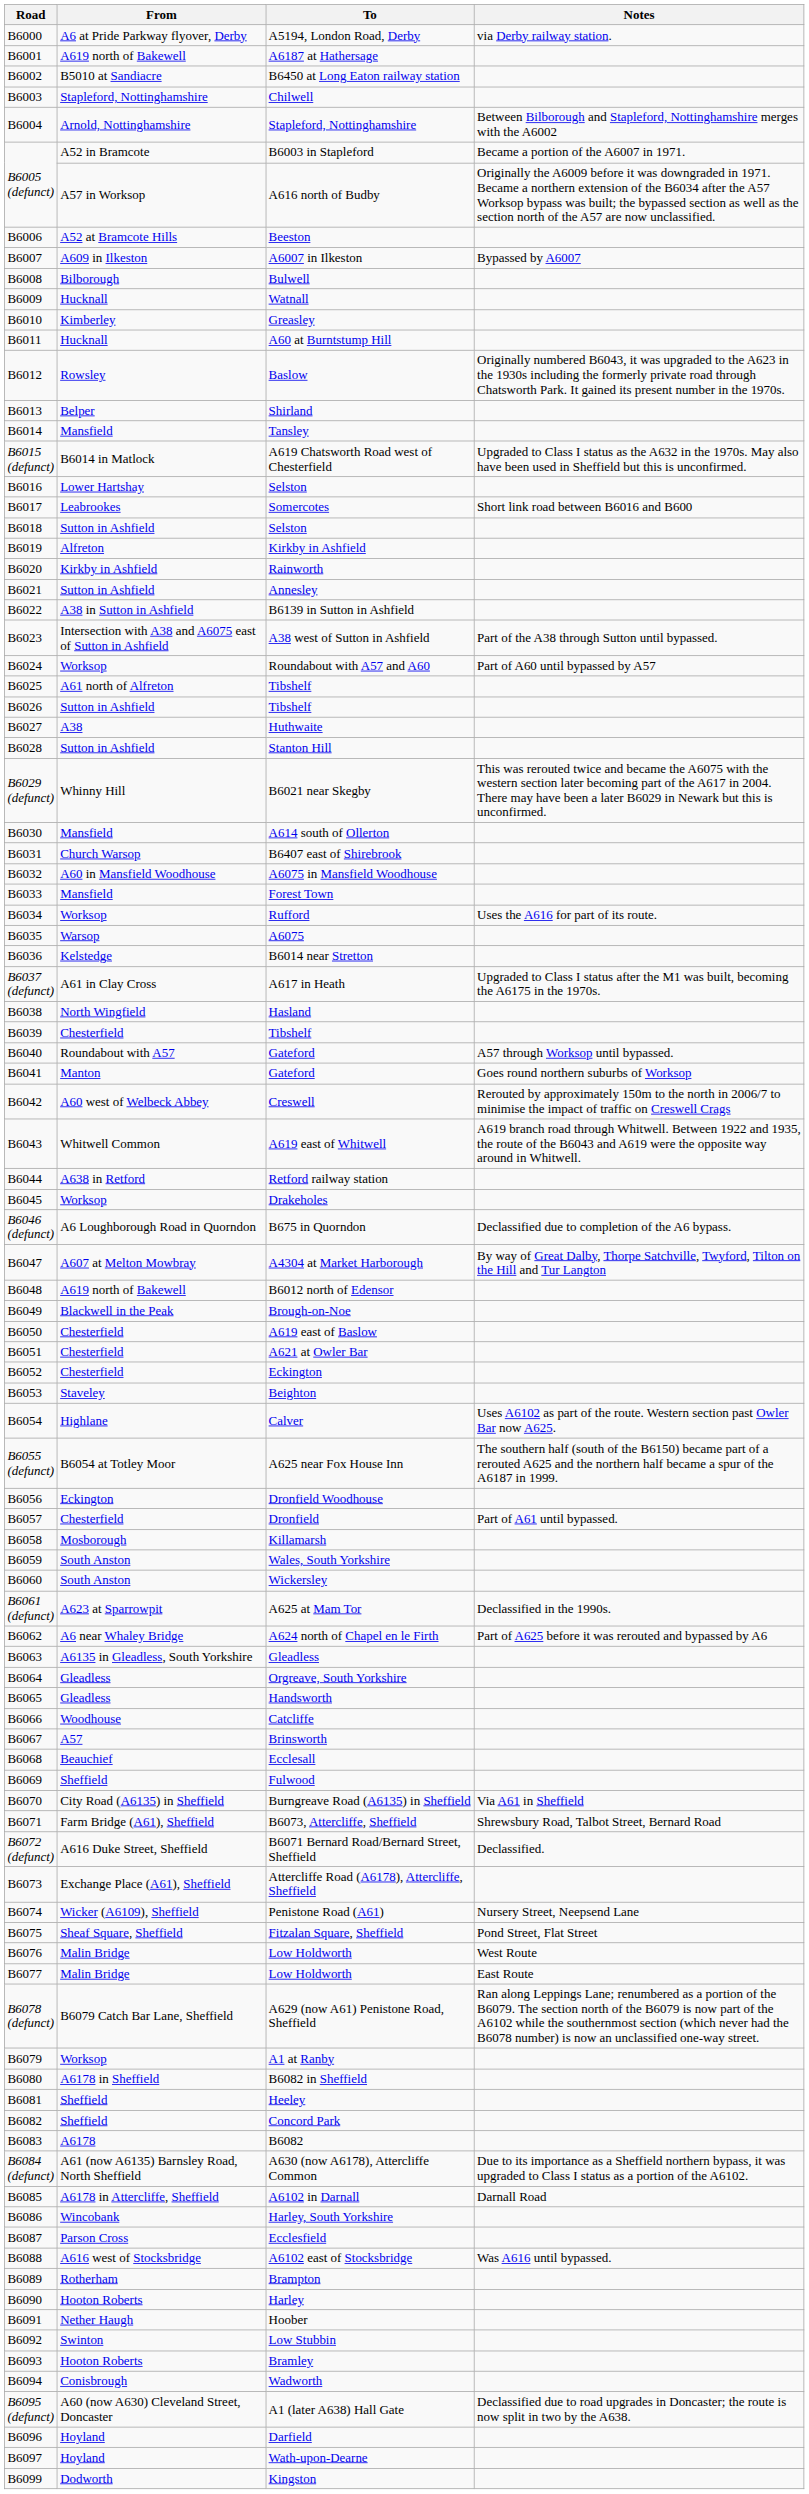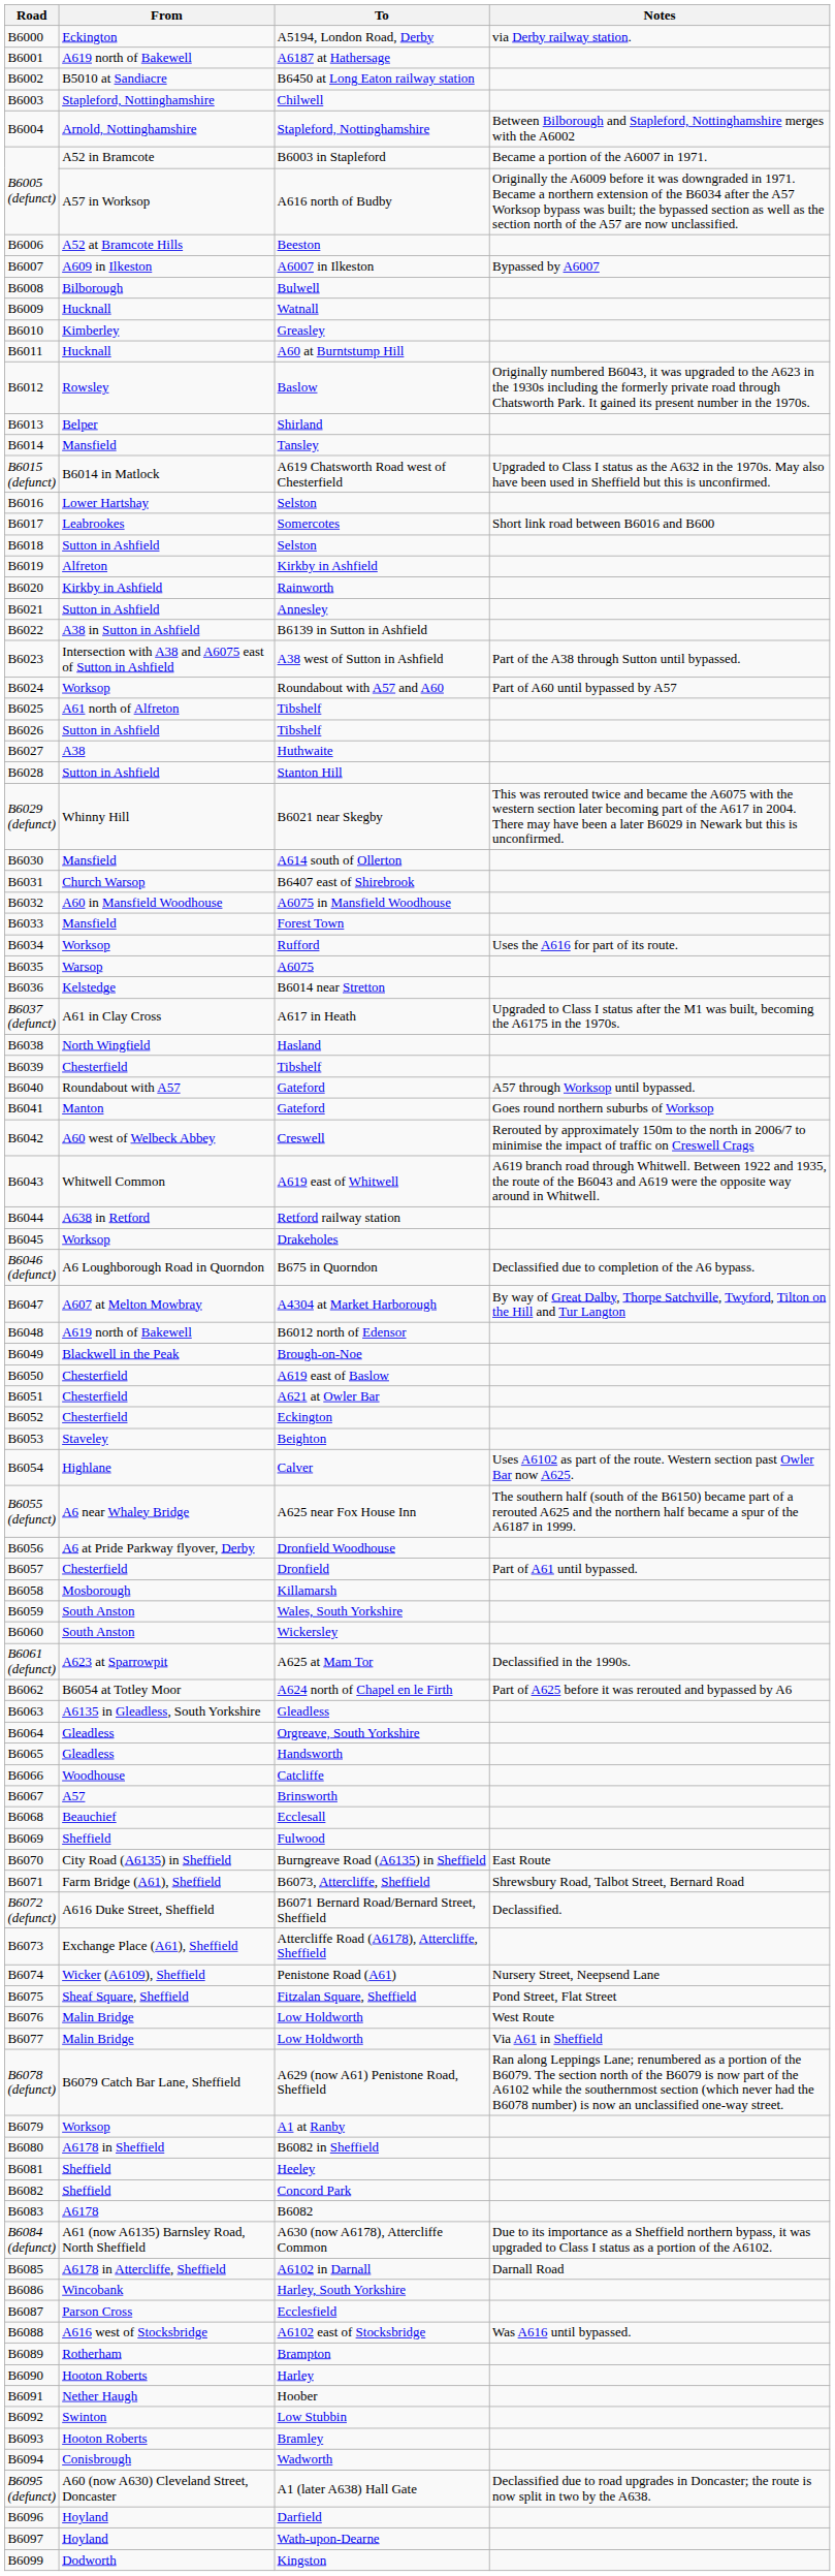 <table class="wikitable">
 <tr>
 <th style="width:50px">Road</th>
 <th style="width:250px">From</th>
 <th style="width:250px">To</th>
 <th style="width:400px">Notes</th>
 </tr>
 <tr>
 <td>B6000</td>
-<td><a href='#'>A6</a> at Pride Parkway flyover, <a href='#'>Derby</a></td>
+<td><a href='#'>Eckington</a></td>
 <td>A5194, London Road, <a href='#'>Derby</a></td>
 <td>via <a href='#'>Derby railway station</a>.</td>
 </tr>
 <tr>
 <td>B6001</td>
 <td><a href='#'>A619</a> north of <a href='#'>Bakewell</a></td>
 <td><a href='#'>A6187</a> at <a href='#'>Hathersage</a></td>
 <td></td>
 </tr>
 <tr>
 <td>B6002</td>
 <td>B5010 at <a href='#'>Sandiacre</a></td>
 <td>B6450 at <a href='#'>Long Eaton railway station</a></td>
 <td></td>
 </tr>
 <tr>
 <td>B6003</td>
 <td><a href='#'>Stapleford, Nottinghamshire</a></td>
 <td><a href='#'>Chilwell</a></td>
 <td></td>
 </tr>
 <tr>
 <td>B6004</td>
 <td><a href='#'>Arnold, Nottinghamshire</a></td>
 <td><a href='#'>Stapleford, Nottinghamshire</a></td>
 <td>Between <a href='#'>Bilborough</a> and <a href='#'>Stapleford, Nottinghamshire</a> merges with the A6002</td>
 </tr>
 <tr>
 <td rowspan="2"><em>B6005 (defunct)</em></td>
 <td>A52 in Bramcote</td>
 <td>B6003 in Stapleford</td>
 <td>Became a portion of the A6007 in 1971.</td>
 </tr>
 <tr>
 <td>A57 in Worksop</td>
 <td>A616 north of Budby</td>
 <td>Originally the A6009 before it was downgraded in 1971. Became a northern extension of the B6034 after the A57 Worksop bypass was built; the bypassed section as well as the section north of the A57 are now unclassified.</td>
 </tr>
 <tr>
 <td>B6006</td>
 <td><a href='#'>A52</a> at <a href='#'>Bramcote Hills</a></td>
 <td><a href='#'>Beeston</a></td>
 <td></td>
 </tr>
 <tr>
 <td>B6007</td>
 <td><a href='#'>A609</a> in <a href='#'>Ilkeston</a></td>
 <td><a href='#'>A6007</a> in Ilkeston</td>
 <td>Bypassed by <a href='#'>A6007</a></td>
 </tr>
 <tr>
 <td>B6008</td>
 <td><a href='#'>Bilborough</a></td>
 <td><a href='#'>Bulwell</a></td>
 <td></td>
 </tr>
 <tr>
 <td>B6009</td>
 <td><a href='#'>Hucknall</a></td>
 <td><a href='#'>Watnall</a></td>
 <td></td>
 </tr>
 <tr>
 <td>B6010</td>
 <td><a href='#'>Kimberley</a></td>
 <td><a href='#'>Greasley</a></td>
 <td></td>
 </tr>
 <tr>
 <td>B6011</td>
 <td><a href='#'>Hucknall</a></td>
 <td><a href='#'>A60</a> at <a href='#'>Burntstump Hill</a></td>
 <td></td>
 </tr>
 <tr>
 <td>B6012</td>
 <td><a href='#'>Rowsley</a></td>
 <td><a href='#'>Baslow</a></td>
 <td>Originally numbered B6043, it was upgraded to the A623 in the 1930s including the formerly private road through Chatsworth Park. It gained its present number in the 1970s.</td>
 </tr>
 <tr>
 <td>B6013</td>
 <td><a href='#'>Belper</a></td>
 <td><a href='#'>Shirland</a></td>
 <td></td>
 </tr>
 <tr>
 <td>B6014</td>
 <td><a href='#'>Mansfield</a></td>
 <td><a href='#'>Tansley</a></td>
 <td></td>
 </tr>
 <tr>
 <td><em>B6015 (defunct)</em></td>
 <td>B6014 in Matlock</td>
 <td>A619 Chatsworth Road west of Chesterfield</td>
 <td>Upgraded to Class I status as the A632 in the 1970s. May also have been used in Sheffield but this is unconfirmed.</td>
 </tr>
 <tr>
 <td>B6016</td>
 <td><a href='#'>Lower Hartshay</a></td>
 <td><a href='#'>Selston</a></td>
 <td></td>
 </tr>
 <tr>
 <td>B6017</td>
 <td><a href='#'>Leabrookes</a></td>
 <td><a href='#'>Somercotes</a></td>
 <td>Short link road between B6016 and B600</td>
 </tr>
 <tr>
 <td>B6018</td>
 <td><a href='#'>Sutton in Ashfield</a></td>
 <td><a href='#'>Selston</a></td>
 <td></td>
 </tr>
 <tr>
 <td>B6019</td>
 <td><a href='#'>Alfreton</a></td>
 <td><a href='#'>Kirkby in Ashfield</a></td>
 <td></td>
 </tr>
 <tr>
 <td>B6020</td>
 <td><a href='#'>Kirkby in Ashfield</a></td>
 <td><a href='#'>Rainworth</a></td>
 <td></td>
 </tr>
 <tr>
 <td>B6021</td>
 <td><a href='#'>Sutton in Ashfield</a></td>
 <td><a href='#'>Annesley</a></td>
 <td></td>
 </tr>
 <tr>
 <td>B6022</td>
 <td><a href='#'>A38</a> in <a href='#'>Sutton in Ashfield</a></td>
 <td>B6139 in Sutton in Ashfield</td>
 <td></td>
 </tr>
 <tr>
 <td>B6023</td>
 <td>Intersection with <a href='#'>A38</a> and <a href='#'>A6075</a> east of <a href='#'>Sutton in Ashfield</a></td>
 <td><a href='#'>A38</a> west of Sutton in Ashfield</td>
 <td>Part of the A38 through Sutton until bypassed.</td>
 </tr>
 <tr>
 <td>B6024</td>
 <td><a href='#'>Worksop</a></td>
 <td>Roundabout with <a href='#'>A57</a> and <a href='#'>A60</a></td>
 <td>Part of A60 until bypassed by A57</td>
 </tr>
 <tr>
 <td>B6025</td>
 <td><a href='#'>A61</a> north of <a href='#'>Alfreton</a></td>
 <td><a href='#'>Tibshelf</a></td>
 <td></td>
 </tr>
 <tr>
 <td>B6026</td>
 <td><a href='#'>Sutton in Ashfield</a></td>
 <td><a href='#'>Tibshelf</a></td>
 <td></td>
 </tr>
 <tr>
 <td>B6027</td>
 <td><a href='#'>A38</a></td>
 <td><a href='#'>Huthwaite</a></td>
 <td></td>
 </tr>
 <tr>
 <td>B6028</td>
 <td><a href='#'>Sutton in Ashfield</a></td>
 <td><a href='#'>Stanton Hill</a></td>
 <td></td>
 </tr>
 <tr>
 <td><em>B6029 (defunct)</em></td>
 <td>Whinny Hill</td>
 <td>B6021 near Skegby</td>
 <td>This was rerouted twice and became the A6075 with the western section later becoming part of the A617 in 2004. There may have been a later B6029 in Newark but this is unconfirmed.</td>
 </tr>
 <tr>
 <td>B6030</td>
 <td><a href='#'>Mansfield</a></td>
 <td><a href='#'>A614</a> south of <a href='#'>Ollerton</a></td>
 <td></td>
 </tr>
 <tr>
 <td>B6031</td>
 <td><a href='#'>Church Warsop</a></td>
 <td>B6407 east of <a href='#'>Shirebrook</a></td>
 <td></td>
 </tr>
 <tr>
 <td>B6032</td>
 <td><a href='#'>A60</a> in <a href='#'>Mansfield Woodhouse</a></td>
 <td><a href='#'>A6075</a> in <a href='#'>Mansfield Woodhouse</a></td>
 <td></td>
 </tr>
 <tr>
 <td>B6033</td>
 <td><a href='#'>Mansfield</a></td>
 <td><a href='#'>Forest Town</a></td>
 <td></td>
 </tr>
 <tr>
 <td>B6034</td>
 <td><a href='#'>Worksop</a></td>
 <td><a href='#'>Rufford</a></td>
 <td>Uses the <a href='#'>A616</a> for part of its route.</td>
 </tr>
 <tr>
 <td>B6035</td>
 <td><a href='#'>Warsop</a></td>
 <td><a href='#'>A6075</a></td>
 <td></td>
 </tr>
 <tr>
 <td>B6036</td>
 <td><a href='#'>Kelstedge</a></td>
 <td>B6014 near <a href='#'>Stretton</a></td>
 <td></td>
 </tr>
 <tr>
 <td><em>B6037 (defunct)</em></td>
 <td>A61 in Clay Cross</td>
 <td>A617 in Heath</td>
 <td>Upgraded to Class I status after the M1 was built, becoming the A6175 in the 1970s.</td>
 </tr>
 <tr>
 <td>B6038</td>
 <td><a href='#'>North Wingfield</a></td>
 <td><a href='#'>Hasland</a></td>
 <td></td>
 </tr>
 <tr>
 <td>B6039</td>
 <td><a href='#'>Chesterfield</a></td>
 <td><a href='#'>Tibshelf</a></td>
 <td></td>
 </tr>
 <tr>
 <td>B6040</td>
 <td>Roundabout with <a href='#'>A57</a></td>
 <td><a href='#'>Gateford</a></td>
 <td>A57 through <a href='#'>Worksop</a> until bypassed.</td>
 </tr>
 <tr>
 <td>B6041</td>
 <td><a href='#'>Manton</a></td>
 <td><a href='#'>Gateford</a></td>
 <td>Goes round northern suburbs of <a href='#'>Worksop</a></td>
 </tr>
 <tr>
 <td>B6042</td>
 <td><a href='#'>A60</a> west of <a href='#'>Welbeck Abbey</a></td>
 <td><a href='#'>Creswell</a></td>
 <td>Rerouted by approximately 150m to the north in 2006/7 to minimise the impact of traffic on <a href='#'>Creswell Crags</a></td>
 </tr>
 <tr>
 <td>B6043</td>
 <td>Whitwell Common</td>
 <td><a href='#'>A619</a> east of <a href='#'>Whitwell</a></td>
 <td>A619 branch road through Whitwell. Between 1922 and 1935, the route of the B6043 and A619 were the opposite way around in Whitwell.</td>
 </tr>
 <tr>
 <td>B6044</td>
 <td><a href='#'>A638</a> in <a href='#'>Retford</a></td>
 <td><a href='#'>Retford</a> railway station</td>
 <td></td>
 </tr>
 <tr>
 <td>B6045</td>
 <td><a href='#'>Worksop</a></td>
 <td><a href='#'>Drakeholes</a></td>
 <td></td>
 </tr>
 <tr>
 <td><em>B6046 (defunct)</em></td>
 <td>A6 Loughborough Road in Quorndon</td>
 <td>B675 in Quorndon</td>
 <td>Declassified due to completion of the A6 bypass.</td>
 </tr>
 <tr>
 <td>B6047</td>
 <td><a href='#'>A607</a> at <a href='#'>Melton Mowbray</a></td>
 <td><a href='#'>A4304</a> at <a href='#'>Market Harborough</a></td>
 <td>By way of <a href='#'>Great Dalby</a>, <a href='#'>Thorpe Satchville</a>, <a href='#'>Twyford</a>, <a href='#'>Tilton on the Hill</a> and <a href='#'>Tur Langton</a></td>
 </tr>
 <tr>
 <td>B6048</td>
 <td><a href='#'>A619</a> north of <a href='#'>Bakewell</a></td>
 <td>B6012 north of <a href='#'>Edensor</a></td>
 <td></td>
 </tr>
 <tr>
 <td>B6049</td>
 <td><a href='#'>Blackwell in the Peak</a></td>
 <td><a href='#'>Brough-on-Noe</a></td>
 <td></td>
 </tr>
 <tr>
 <td>B6050</td>
 <td><a href='#'>Chesterfield</a></td>
 <td><a href='#'>A619</a> east of <a href='#'>Baslow</a></td>
 <td></td>
 </tr>
 <tr>
 <td>B6051</td>
 <td><a href='#'>Chesterfield</a></td>
 <td><a href='#'>A621</a> at <a href='#'>Owler Bar</a></td>
 <td></td>
 </tr>
 <tr>
 <td>B6052</td>
 <td><a href='#'>Chesterfield</a></td>
 <td><a href='#'>Eckington</a></td>
 <td></td>
 </tr>
 <tr>
 <td>B6053</td>
 <td><a href='#'>Staveley</a></td>
 <td><a href='#'>Beighton</a></td>
 <td></td>
 </tr>
 <tr>
 <td>B6054</td>
 <td><a href='#'>Highlane</a></td>
 <td><a href='#'>Calver</a></td>
 <td>Uses <a href='#'>A6102</a> as part of the route. Western section past <a href='#'>Owler Bar</a> now <a href='#'>A625</a>.</td>
 </tr>
 <tr>
 <td><em>B6055 (defunct)</em></td>
-<td>B6054 at Totley Moor</td>
+<td><a href='#'>A6</a> near <a href='#'>Whaley Bridge</a></td>
 <td>A625 near Fox House Inn</td>
 <td>The southern half (south of the B6150) became part of a rerouted A625 and the northern half became a spur of the A6187 in 1999.</td>
 </tr>
 <tr>
 <td>B6056</td>
-<td><a href='#'>Eckington</a></td>
+<td><a href='#'>A6</a> at Pride Parkway flyover, <a href='#'>Derby</a></td>
 <td><a href='#'>Dronfield Woodhouse</a></td>
 <td></td>
 </tr>
 <tr>
 <td>B6057</td>
 <td><a href='#'>Chesterfield</a></td>
 <td><a href='#'>Dronfield</a></td>
 <td>Part of <a href='#'>A61</a> until bypassed.</td>
 </tr>
 <tr>
 <td>B6058</td>
 <td><a href='#'>Mosborough</a></td>
 <td><a href='#'>Killamarsh</a></td>
 <td></td>
 </tr>
 <tr>
 <td>B6059</td>
 <td><a href='#'>South Anston</a></td>
 <td><a href='#'>Wales, South Yorkshire</a></td>
 <td></td>
 </tr>
 <tr>
 <td>B6060</td>
 <td><a href='#'>South Anston</a></td>
 <td><a href='#'>Wickersley</a></td>
 <td></td>
 </tr>
 <tr>
 <td><em>B6061 (defunct)</em></td>
 <td><a href='#'>A623</a> at <a href='#'>Sparrowpit</a></td>
 <td>A625 at <a href='#'>Mam Tor</a></td>
 <td>Declassified in the 1990s.</td>
 </tr>
 <tr>
 <td>B6062</td>
-<td><a href='#'>A6</a> near <a href='#'>Whaley Bridge</a></td>
+<td>B6054 at Totley Moor</td>
 <td><a href='#'>A624</a> north of <a href='#'>Chapel en le Firth</a></td>
 <td>Part of <a href='#'>A625</a> before it was rerouted and bypassed by A6</td>
 </tr>
 <tr>
 <td>B6063</td>
 <td><a href='#'>A6135</a> in <a href='#'>Gleadless</a>, South Yorkshire</td>
 <td><a href='#'>Gleadless</a></td>
 <td></td>
 </tr>
 <tr>
 <td>B6064</td>
 <td><a href='#'>Gleadless</a></td>
 <td><a href='#'>Orgreave, South Yorkshire</a></td>
 <td></td>
 </tr>
 <tr>
 <td>B6065</td>
 <td><a href='#'>Gleadless</a></td>
 <td><a href='#'>Handsworth</a></td>
 <td></td>
 </tr>
 <tr>
 <td>B6066</td>
 <td><a href='#'>Woodhouse</a></td>
 <td><a href='#'>Catcliffe</a></td>
 <td></td>
 </tr>
 <tr>
 <td>B6067</td>
 <td><a href='#'>A57</a></td>
 <td><a href='#'>Brinsworth</a></td>
 <td></td>
 </tr>
 <tr>
 <td>B6068</td>
 <td><a href='#'>Beauchief</a></td>
 <td><a href='#'>Ecclesall</a></td>
 <td></td>
 </tr>
 <tr>
 <td>B6069</td>
 <td><a href='#'>Sheffield</a></td>
 <td><a href='#'>Fulwood</a></td>
 <td></td>
 </tr>
 <tr>
 <td>B6070</td>
 <td>City Road (<a href='#'>A6135</a>) in <a href='#'>Sheffield</a></td>
 <td>Burngreave Road (<a href='#'>A6135</a>) in <a href='#'>Sheffield</a></td>
-<td>Via <a href='#'>A61</a> in <a href='#'>Sheffield</a></td>
+<td>East Route</td>
 </tr>
 <tr>
 <td>B6071</td>
 <td>Farm Bridge (<a href='#'>A61</a>), <a href='#'>Sheffield</a></td>
 <td>B6073, <a href='#'>Attercliffe</a>, <a href='#'>Sheffield</a></td>
 <td>Shrewsbury Road, Talbot Street, Bernard Road</td>
 </tr>
 <tr>
 <td><em>B6072 (defunct)</em></td>
 <td>A616 Duke Street, Sheffield</td>
 <td>B6071 Bernard Road/Bernard Street, Sheffield</td>
 <td>Declassified.</td>
 </tr>
 <tr>
 <td>B6073</td>
 <td>Exchange Place (<a href='#'>A61</a>), <a href='#'>Sheffield</a></td>
 <td>Attercliffe Road (<a href='#'>A6178</a>), <a href='#'>Attercliffe</a>, <a href='#'>Sheffield</a></td>
 <td></td>
 </tr>
 <tr>
 <td>B6074</td>
 <td><a href='#'>Wicker</a> (<a href='#'>A6109</a>), <a href='#'>Sheffield</a></td>
 <td>Penistone Road (<a href='#'>A61</a>)</td>
 <td>Nursery Street, Neepsend Lane</td>
 </tr>
 <tr>
 <td>B6075</td>
 <td><a href='#'>Sheaf Square</a>, <a href='#'>Sheffield</a></td>
 <td><a href='#'>Fitzalan Square</a>, <a href='#'>Sheffield</a></td>
 <td>Pond Street, Flat Street</td>
 </tr>
 <tr>
 <td>B6076</td>
 <td><a href='#'>Malin Bridge</a></td>
 <td><a href='#'>Low Holdworth</a></td>
 <td>West Route</td>
 </tr>
 <tr>
 <td>B6077</td>
 <td><a href='#'>Malin Bridge</a></td>
 <td><a href='#'>Low Holdworth</a></td>
-<td>East Route</td>
+<td>Via <a href='#'>A61</a> in <a href='#'>Sheffield</a></td>
 </tr>
 <tr>
 <td><em>B6078 (defunct)</em></td>
 <td>B6079 Catch Bar Lane, Sheffield</td>
 <td>A629 (now A61) Penistone Road, Sheffield</td>
 <td>Ran along Leppings Lane; renumbered as a portion of the B6079. The section north of the B6079 is now part of the A6102 while the southernmost section (which never had the B6078 number) is now an unclassified one-way street.</td>
 </tr>
 <tr>
 <td>B6079</td>
 <td><a href='#'>Worksop</a></td>
 <td><a href='#'>A1</a> at <a href='#'>Ranby</a></td>
 <td></td>
 </tr>
 <tr>
 <td>B6080</td>
 <td><a href='#'>A6178</a> in <a href='#'>Sheffield</a></td>
 <td>B6082 in <a href='#'>Sheffield</a></td>
 <td></td>
 </tr>
 <tr>
 <td>B6081</td>
 <td><a href='#'>Sheffield</a></td>
 <td><a href='#'>Heeley</a></td>
 <td></td>
 </tr>
 <tr>
 <td>B6082</td>
 <td><a href='#'>Sheffield</a></td>
 <td><a href='#'>Concord Park</a></td>
 <td></td>
 </tr>
 <tr>
 <td>B6083</td>
 <td><a href='#'>A6178</a></td>
 <td>B6082</td>
 <td></td>
 </tr>
 <tr>
 <td><em>B6084 (defunct)</em></td>
 <td>A61 (now A6135) Barnsley Road, North Sheffield</td>
 <td>A630 (now A6178), Attercliffe Common</td>
 <td>Due to its importance as a Sheffield northern bypass, it was upgraded to Class I status as a portion of the A6102.</td>
 </tr>
 <tr>
 <td>B6085</td>
 <td><a href='#'>A6178</a> in <a href='#'>Attercliffe</a>, <a href='#'>Sheffield</a></td>
 <td><a href='#'>A6102</a> in <a href='#'>Darnall</a></td>
 <td>Darnall Road</td>
 </tr>
 <tr>
 <td>B6086</td>
 <td><a href='#'>Wincobank</a></td>
 <td><a href='#'>Harley, South Yorkshire</a></td>
 <td></td>
 </tr>
 <tr>
 <td>B6087</td>
 <td><a href='#'>Parson Cross</a></td>
 <td><a href='#'>Ecclesfield</a></td>
 <td></td>
 </tr>
 <tr>
 <td>B6088</td>
 <td><a href='#'>A616</a> west of <a href='#'>Stocksbridge</a></td>
 <td><a href='#'>A6102</a> east of <a href='#'>Stocksbridge</a></td>
 <td>Was <a href='#'>A616</a> until bypassed.</td>
 </tr>
 <tr>
 <td>B6089</td>
 <td><a href='#'>Rotherham</a></td>
 <td><a href='#'>Brampton</a></td>
 <td></td>
 </tr>
 <tr>
 <td>B6090</td>
 <td><a href='#'>Hooton Roberts</a></td>
 <td><a href='#'>Harley</a></td>
 <td></td>
 </tr>
 <tr>
 <td>B6091</td>
 <td><a href='#'>Nether Haugh</a></td>
 <td>Hoober</td>
 <td></td>
 </tr>
 <tr>
 <td>B6092</td>
 <td><a href='#'>Swinton</a></td>
 <td><a href='#'>Low Stubbin</a></td>
 <td></td>
 </tr>
 <tr>
 <td>B6093</td>
 <td><a href='#'>Hooton Roberts</a></td>
 <td><a href='#'>Bramley</a></td>
 <td></td>
 </tr>
 <tr>
 <td>B6094</td>
 <td><a href='#'>Conisbrough</a></td>
 <td><a href='#'>Wadworth</a></td>
 <td></td>
 </tr>
 <tr>
 <td><em>B6095 (defunct)</em></td>
 <td>A60 (now A630) Cleveland Street, Doncaster</td>
 <td>A1 (later A638) Hall Gate</td>
 <td>Declassified due to road upgrades in Doncaster; the route is now split in two by the A638.</td>
 </tr>
 <tr>
 <td>B6096</td>
 <td><a href='#'>Hoyland</a></td>
 <td><a href='#'>Darfield</a></td>
 <td></td>
 </tr>
 <tr>
 <td>B6097</td>
 <td><a href='#'>Hoyland</a></td>
 <td><a href='#'>Wath-upon-Dearne</a></td>
 <td></td>
 </tr>
 <tr>
 <td>B6099</td>
 <td><a href='#'>Dodworth</a></td>
 <td><a href='#'>Kingston</a></td>
 <td></td>
 </tr>
 </table>
